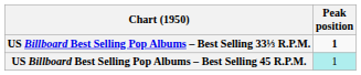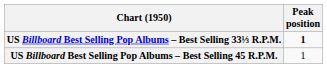 <table class="wikitable plainrowheaders" style="text-align:center">
 <tr>
 <th scope="col">Chart (1950)</th>
 <th scope="col">Peak<br>position</th>
 </tr>
 <tr>
 <th scope="row" align="left">US <a href='#'><em>Billboard</em> Best Selling Pop Albums</a> – Best Selling 33⅓ R.P.M.</th>
 <td><strong>1</strong></td>
 </tr>
 <tr>
 <th scope="row" align="left">US <em>Billboard</em> Best Selling Pop Albums – Best Selling 45 R.P.M.</th>
-<td style="background: paleturquoise;">1</td>
+<td>1</td>
 </tr>
 </table>
